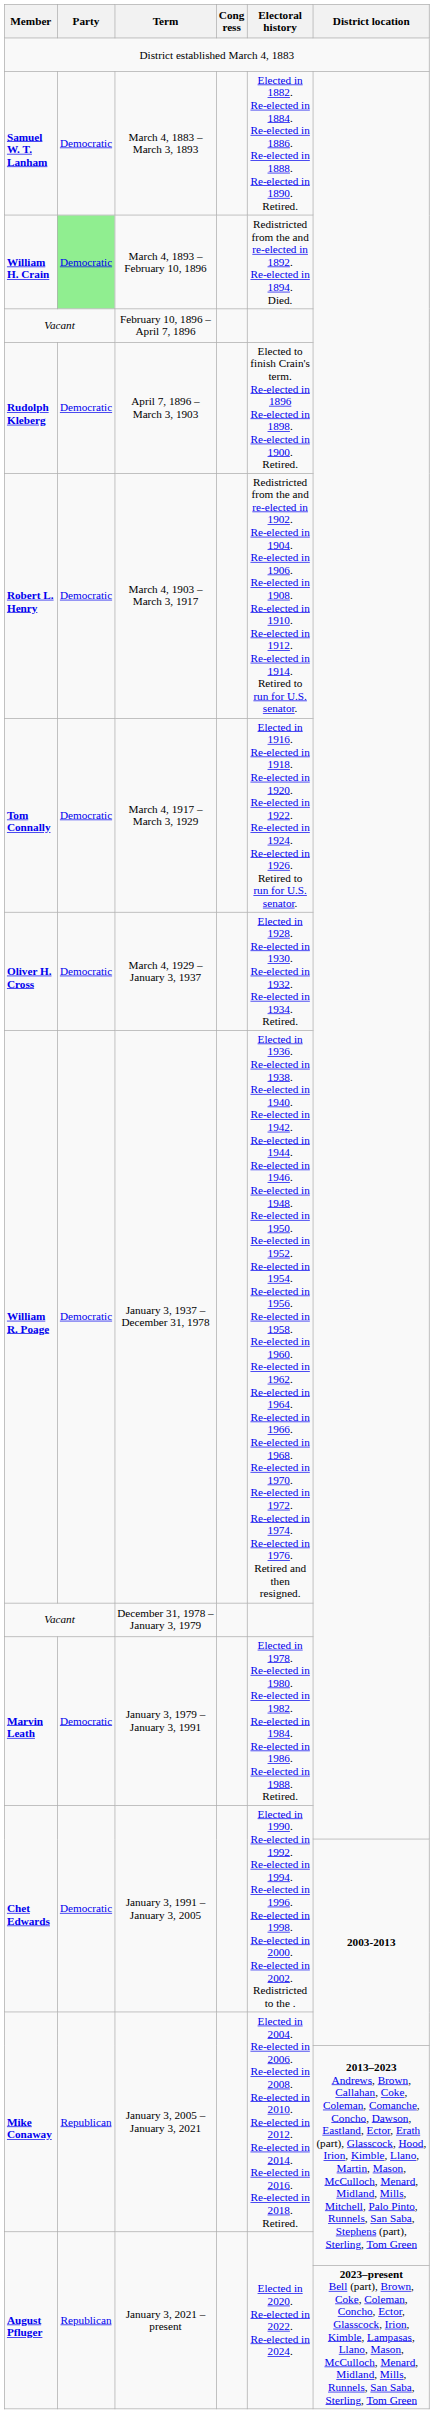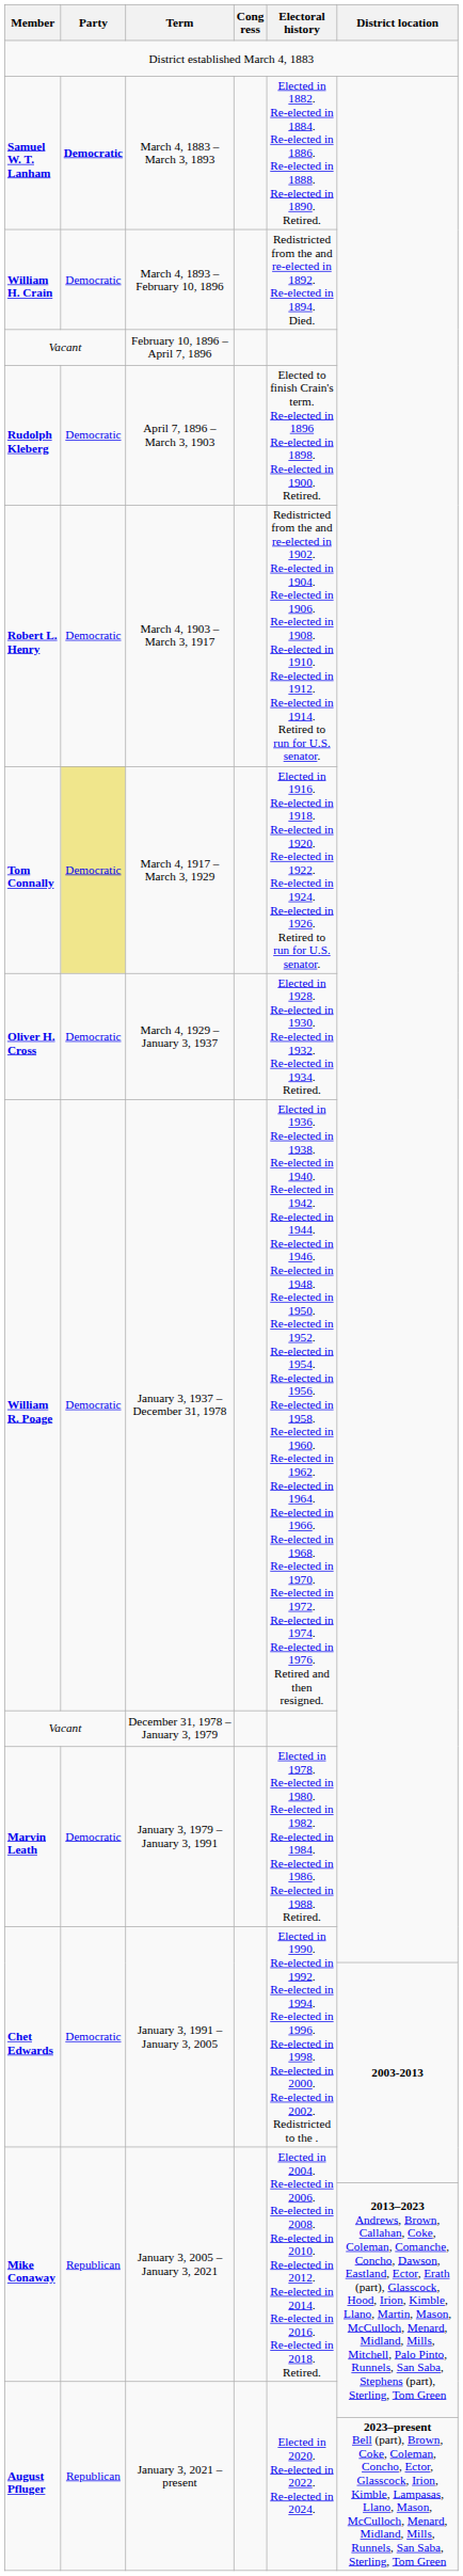 <table class=wikitable style="text-align:center">
 <tr style="height:3em">
 <th>Member</th>
 <th>Party</th>
 <th>Term</th>
 <th>Cong<br>ress</th>
 <th>Electoral history</th>
 <th>District location</th>
 </tr>
 <tr style="height:3em">
 <td colspan=6>District established March 4, 1883</td>
 </tr>
 <tr style="height:3em">
 <td align=left><br><strong><a href='#'>Samuel W. T. Lanham</a></strong><br></td>
-<td><a href='#'>Democratic</a></td>
+<td><strong><a href='#'>Democratic</a></strong></td>
 <td nowrap>March 4, 1883 –<br>March 3, 1893</td>
 <td></td>
 <td><a href='#'>Elected in 1882</a>.<br><a href='#'>Re-elected in 1884</a>.<br><a href='#'>Re-elected in 1886</a>.<br><a href='#'>Re-elected in 1888</a>.<br><a href='#'>Re-elected in 1890</a>.<br>Retired.</td>
 <td rowspan=11></td>
 </tr>
 <tr style="height:3em">
 <td align=left><br><strong><a href='#'>William H. Crain</a></strong><br></td>
-<td style="background: lightgreen;"><a href='#'>Democratic</a></td>
+<td><a href='#'>Democratic</a></td>
 <td nowrap>March 4, 1893 –<br>February 10, 1896</td>
 <td></td>
 <td>Redistricted from the  and <a href='#'>re-elected in 1892</a>.<br><a href='#'>Re-elected in 1894</a>.<br>Died.</td>
 </tr>
 <tr style="height:3em">
 <td colspan=2><em>Vacant</em></td>
 <td nowrap>February 10, 1896 –<br>April 7, 1896</td>
 <td></td>
 <td></td>
 </tr>
 <tr style="height:3em">
 <td align=left><br><strong><a href='#'>Rudolph Kleberg</a></strong><br></td>
 <td><a href='#'>Democratic</a></td>
 <td nowrap>April 7, 1896 –<br>March 3, 1903</td>
 <td></td>
 <td>Elected to finish Crain's term.<br><a href='#'>Re-elected in 1896</a><br><a href='#'>Re-elected in 1898</a>.<br><a href='#'>Re-elected in 1900</a>.<br>Retired.</td>
 </tr>
 <tr style="height:3em">
 <td align=left><br><strong><a href='#'>Robert L. Henry</a></strong><br></td>
 <td><a href='#'>Democratic</a></td>
 <td nowrap>March 4, 1903 –<br>March 3, 1917</td>
 <td></td>
 <td>Redistricted from the  and <a href='#'>re-elected in 1902</a>.<br><a href='#'>Re-elected in 1904</a>.<br><a href='#'>Re-elected in 1906</a>.<br><a href='#'>Re-elected in 1908</a>.<br><a href='#'>Re-elected in 1910</a>.<br><a href='#'>Re-elected in 1912</a>.<br><a href='#'>Re-elected in 1914</a>.<br>Retired to <a href='#'>run for U.S. senator</a>.</td>
 </tr>
 <tr style="height:3em">
 <td align=left><br><strong><a href='#'>Tom Connally</a></strong><br></td>
-<td><a href='#'>Democratic</a></td>
+<td style="background: khaki;"><a href='#'>Democratic</a></td>
 <td nowrap>March 4, 1917 –<br>March 3, 1929</td>
 <td></td>
 <td><a href='#'>Elected in 1916</a>.<br><a href='#'>Re-elected in 1918</a>.<br><a href='#'>Re-elected in 1920</a>.<br><a href='#'>Re-elected in 1922</a>.<br><a href='#'>Re-elected in 1924</a>.<br><a href='#'>Re-elected in 1926</a>.<br>Retired to <a href='#'>run for U.S. senator</a>.</td>
 </tr>
 <tr style="height:3em">
 <td align=left><br><strong><a href='#'>Oliver H. Cross</a></strong><br></td>
 <td><a href='#'>Democratic</a></td>
 <td nowrap>March 4, 1929 –<br>January 3, 1937</td>
 <td></td>
 <td><a href='#'>Elected in 1928</a>.<br><a href='#'>Re-elected in 1930</a>.<br><a href='#'>Re-elected in 1932</a>.<br><a href='#'>Re-elected in 1934</a>.<br>Retired.</td>
 </tr>
 <tr style="height:3em">
 <td align=left><br><strong><a href='#'>William R. Poage</a></strong><br></td>
 <td><a href='#'>Democratic</a></td>
 <td nowrap>January 3, 1937 –<br>December 31, 1978</td>
 <td></td>
 <td><a href='#'>Elected in 1936</a>.<br><a href='#'>Re-elected in 1938</a>.<br><a href='#'>Re-elected in 1940</a>.<br><a href='#'>Re-elected in 1942</a>.<br><a href='#'>Re-elected in 1944</a>.<br><a href='#'>Re-elected in 1946</a>.<br><a href='#'>Re-elected in 1948</a>.<br><a href='#'>Re-elected in 1950</a>.<br><a href='#'>Re-elected in 1952</a>.<br><a href='#'>Re-elected in 1954</a>.<br><a href='#'>Re-elected in 1956</a>.<br><a href='#'>Re-elected in 1958</a>.<br><a href='#'>Re-elected in 1960</a>.<br><a href='#'>Re-elected in 1962</a>.<br><a href='#'>Re-elected in 1964</a>.<br><a href='#'>Re-elected in 1966</a>.<br><a href='#'>Re-elected in 1968</a>.<br><a href='#'>Re-elected in 1970</a>.<br><a href='#'>Re-elected in 1972</a>.<br><a href='#'>Re-elected in 1974</a>.<br><a href='#'>Re-elected in 1976</a>.<br>Retired and then resigned.</td>
 </tr>
 <tr style="height:3em">
 <td colspan=2><em>Vacant</em></td>
 <td nowrap>December 31, 1978 –<br>January 3, 1979</td>
 <td></td>
 <td></td>
 </tr>
 <tr style="height:3em">
 <td align=left><br><strong><a href='#'>Marvin Leath</a></strong><br></td>
 <td><a href='#'>Democratic</a></td>
 <td nowrap>January 3, 1979 –<br>January 3, 1991</td>
 <td></td>
 <td><a href='#'>Elected in 1978</a>.<br><a href='#'>Re-elected in 1980</a>.<br><a href='#'>Re-elected in 1982</a>.<br><a href='#'>Re-elected in 1984</a>.<br><a href='#'>Re-elected in 1986</a>.<br><a href='#'>Re-elected in 1988</a>.<br>Retired.</td>
 </tr>
 <tr style="height:3em">
 <td rowspan=2 align=left><br><strong><a href='#'>Chet Edwards</a></strong><br></td>
 <td rowspan=2 ><a href='#'>Democratic</a></td>
 <td rowspan=2 nowrap>January 3, 1991 –<br>January 3, 2005</td>
 <td rowspan=2></td>
 <td rowspan=2><a href='#'>Elected in 1990</a>.<br><a href='#'>Re-elected in 1992</a>.<br><a href='#'>Re-elected in 1994</a>.<br><a href='#'>Re-elected in 1996</a>.<br><a href='#'>Re-elected in 1998</a>.<br><a href='#'>Re-elected in 2000</a>.<br><a href='#'>Re-elected in 2002</a>.<br>Redistricted to the .</td>
 </tr>
 <tr style="height:3em">
 <td rowspan=2><strong>2003-2013</strong><br></td>
 </tr>
 <tr style="height:3em">
 <td rowspan=2 align=left><br><strong><a href='#'>Mike Conaway</a></strong><br></td>
 <td rowspan=2 ><a href='#'>Republican</a></td>
 <td rowspan=2 nowrap>January 3, 2005 –<br>January 3, 2021</td>
 <td rowspan=2></td>
 <td rowspan=2><a href='#'>Elected in 2004</a>.<br><a href='#'>Re-elected in 2006</a>.<br><a href='#'>Re-elected in 2008</a>.<br><a href='#'>Re-elected in 2010</a>.<br><a href='#'>Re-elected in 2012</a>.<br><a href='#'>Re-elected in 2014</a>.<br><a href='#'>Re-elected in 2016</a>.<br><a href='#'>Re-elected in 2018</a>.<br>Retired.</td>
 </tr>
 <tr style="height:3em">
 <td rowspan=2><strong>2013–2023</strong><br><a href='#'>Andrews</a>, <a href='#'>Brown</a>, <a href='#'>Callahan</a>, <a href='#'>Coke</a>, <a href='#'>Coleman</a>, <a href='#'>Comanche</a>, <a href='#'>Concho</a>, <a href='#'>Dawson</a>, <a href='#'>Eastland</a>, <a href='#'>Ector</a>, <a href='#'>Erath</a> (part), <a href='#'>Glasscock</a>, <a href='#'>Hood</a>, <a href='#'>Irion</a>, <a href='#'>Kimble</a>,  <a href='#'>Llano</a>, <a href='#'>Martin</a>, <a href='#'>Mason</a>, <a href='#'>McCulloch</a>, <a href='#'>Menard</a>, <a href='#'>Midland</a>, <a href='#'>Mills</a>, <a href='#'>Mitchell</a>, <a href='#'>Palo Pinto</a>, <a href='#'>Runnels</a>, <a href='#'>San Saba</a>, <a href='#'>Stephens</a> (part), <a href='#'>Sterling</a>, <a href='#'>Tom Green</a></td>
 </tr>
 <tr style="height:3em">
 <td rowspan=2  align=left><br><strong><a href='#'>August Pfluger</a></strong><br></td>
 <td rowspan=2 ><a href='#'>Republican</a></td>
 <td rowspan=2 nowrap>January 3, 2021 –<br>present</td>
 <td rowspan=2></td>
 <td rowspan=2><a href='#'>Elected in 2020</a>.<br><a href='#'>Re-elected in 2022</a>.<br><a href='#'>Re-elected in 2024</a>.</td>
 </tr>
 <tr style="height:3em">
 <td><strong>2023–present</strong><br><a href='#'>Bell</a> (part), <a href='#'>Brown</a>, <a href='#'>Coke</a>, <a href='#'>Coleman</a>, <a href='#'>Concho</a>, <a href='#'>Ector</a>, <a href='#'>Glasscock</a>, <a href='#'>Irion</a>, <a href='#'>Kimble</a>, <a href='#'>Lampasas</a>, <a href='#'>Llano</a>, <a href='#'>Mason</a>, <a href='#'>McCulloch</a>, <a href='#'>Menard</a>, <a href='#'>Midland</a>, <a href='#'>Mills</a>, <a href='#'>Runnels</a>, <a href='#'>San Saba</a>, <a href='#'>Sterling</a>, <a href='#'>Tom Green</a></td>
 </tr>
 </table>
